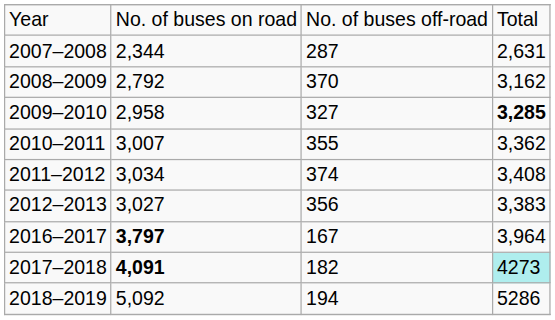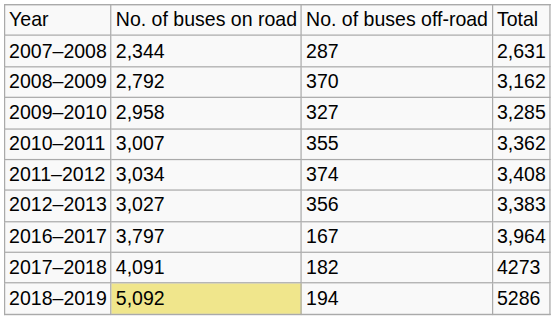 <table class="wikitable sortable">
 <tr>
 </tr>
 <tr>
 <td>Year</td>
 <td>No. of buses on road</td>
 <td>No. of buses off-road</td>
 <td>Total</td>
 </tr>
 <tr>
 <td>2007–2008</td>
 <td>2,344</td>
 <td>287</td>
 <td>2,631</td>
 </tr>
 <tr>
 <td>2008–2009</td>
 <td>2,792</td>
 <td>370</td>
 <td>3,162</td>
 </tr>
 <tr>
 <td>2009–2010</td>
 <td>2,958</td>
 <td>327</td>
-<td><strong>3,285</strong></td>
+<td>3,285</td>
 </tr>
 <tr>
 <td>2010–2011</td>
 <td>3,007</td>
 <td>355</td>
 <td>3,362</td>
 </tr>
 <tr>
 <td>2011–2012</td>
 <td>3,034</td>
 <td>374</td>
 <td>3,408</td>
 </tr>
 <tr>
 <td>2012–2013</td>
 <td>3,027</td>
 <td>356</td>
 <td>3,383</td>
 </tr>
 <tr>
 <td>2016–2017</td>
-<td><strong>3,797</strong></td>
+<td>3,797</td>
 <td>167</td>
 <td>3,964</td>
 </tr>
 <tr>
 <td>2017–2018</td>
-<td><strong>4,091</strong></td>
+<td>4,091</td>
 <td>182</td>
-<td style="background: paleturquoise;">4273</td>
+<td>4273</td>
 </tr>
 <tr>
 <td>2018–2019</td>
-<td>5,092</td>
+<td style="background: khaki;">5,092</td>
 <td>194</td>
 <td>5286</td>
 </tr>
 <tr>
 </tr>
 </table>
